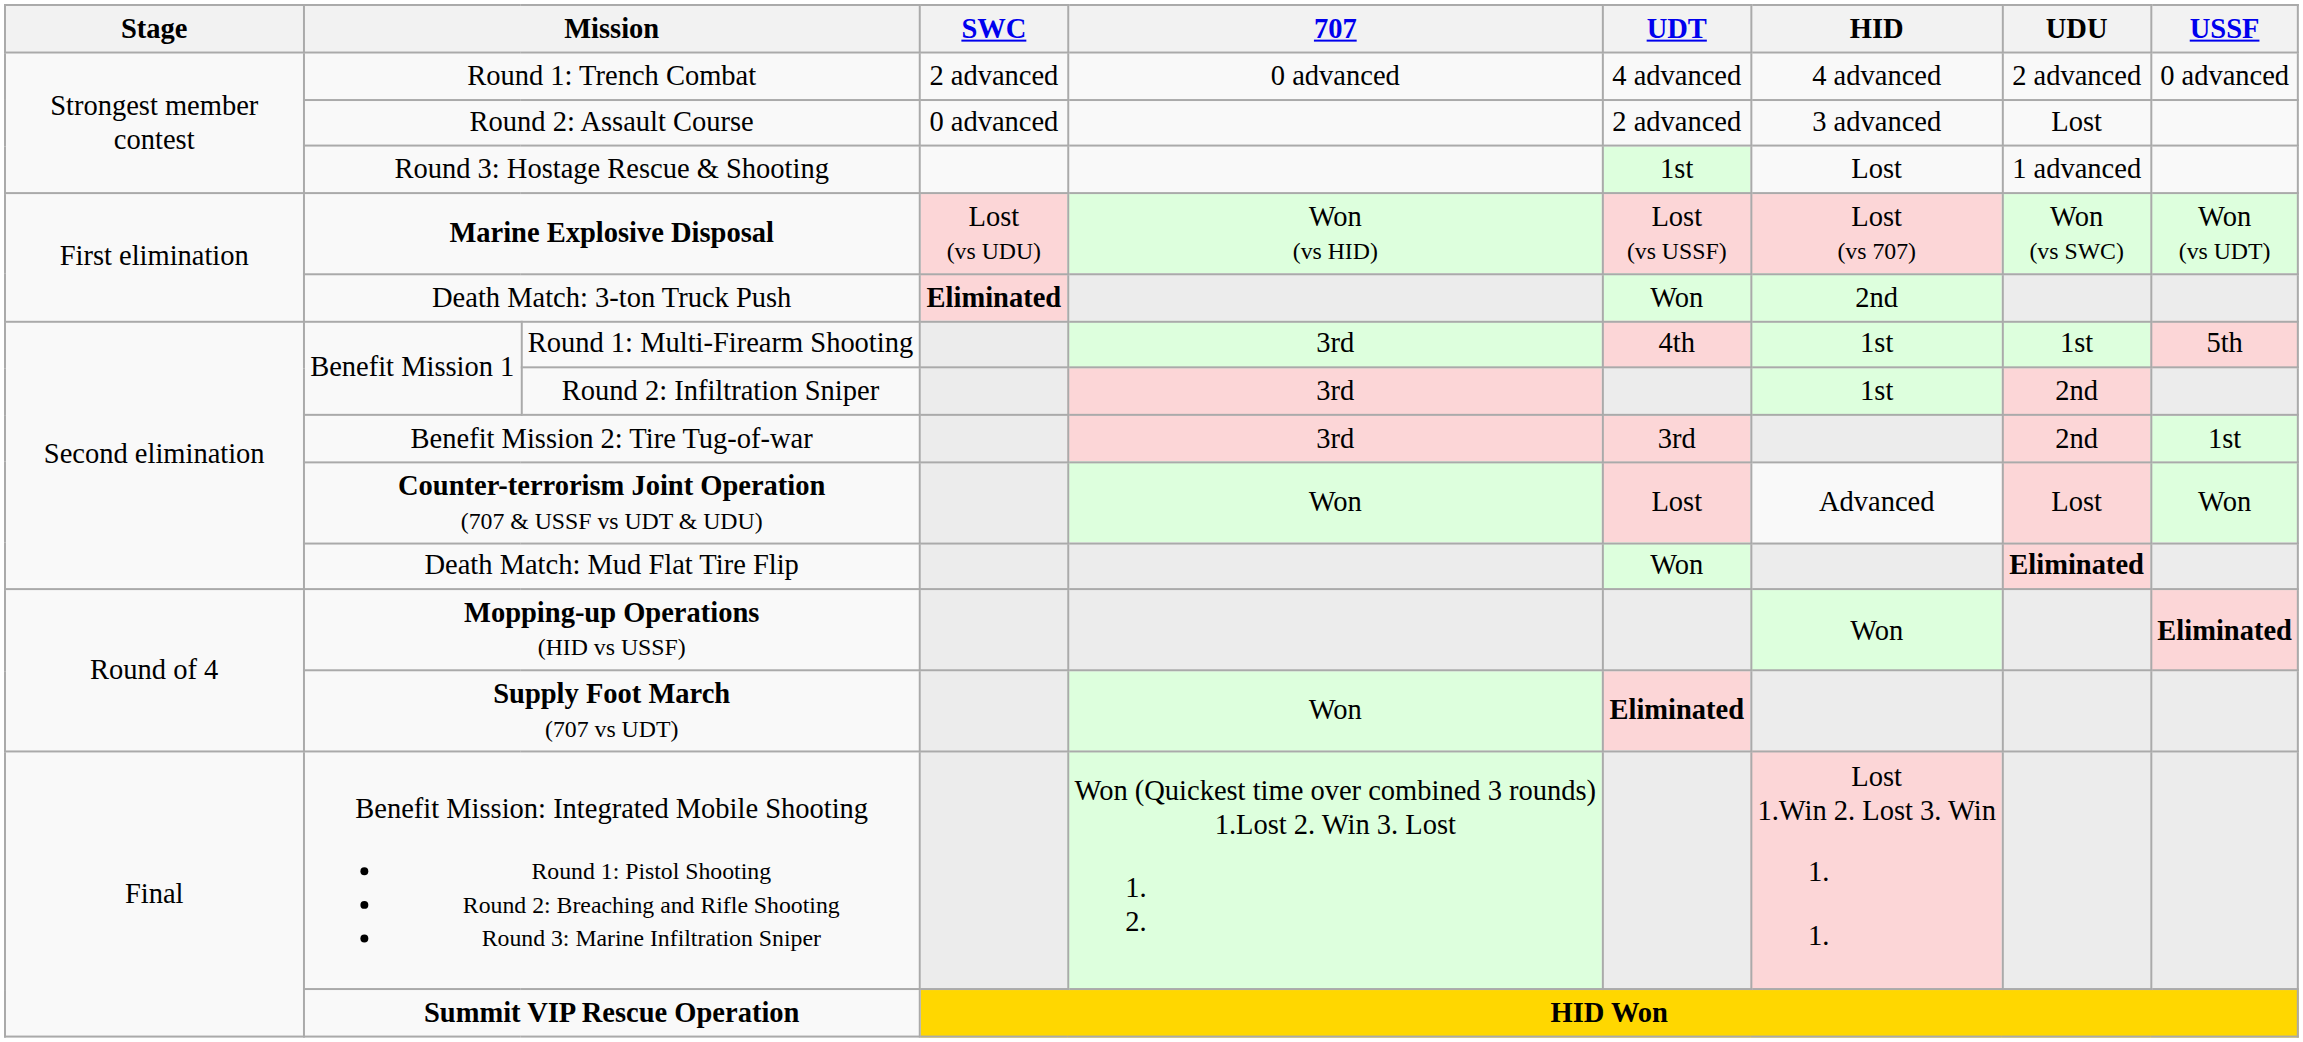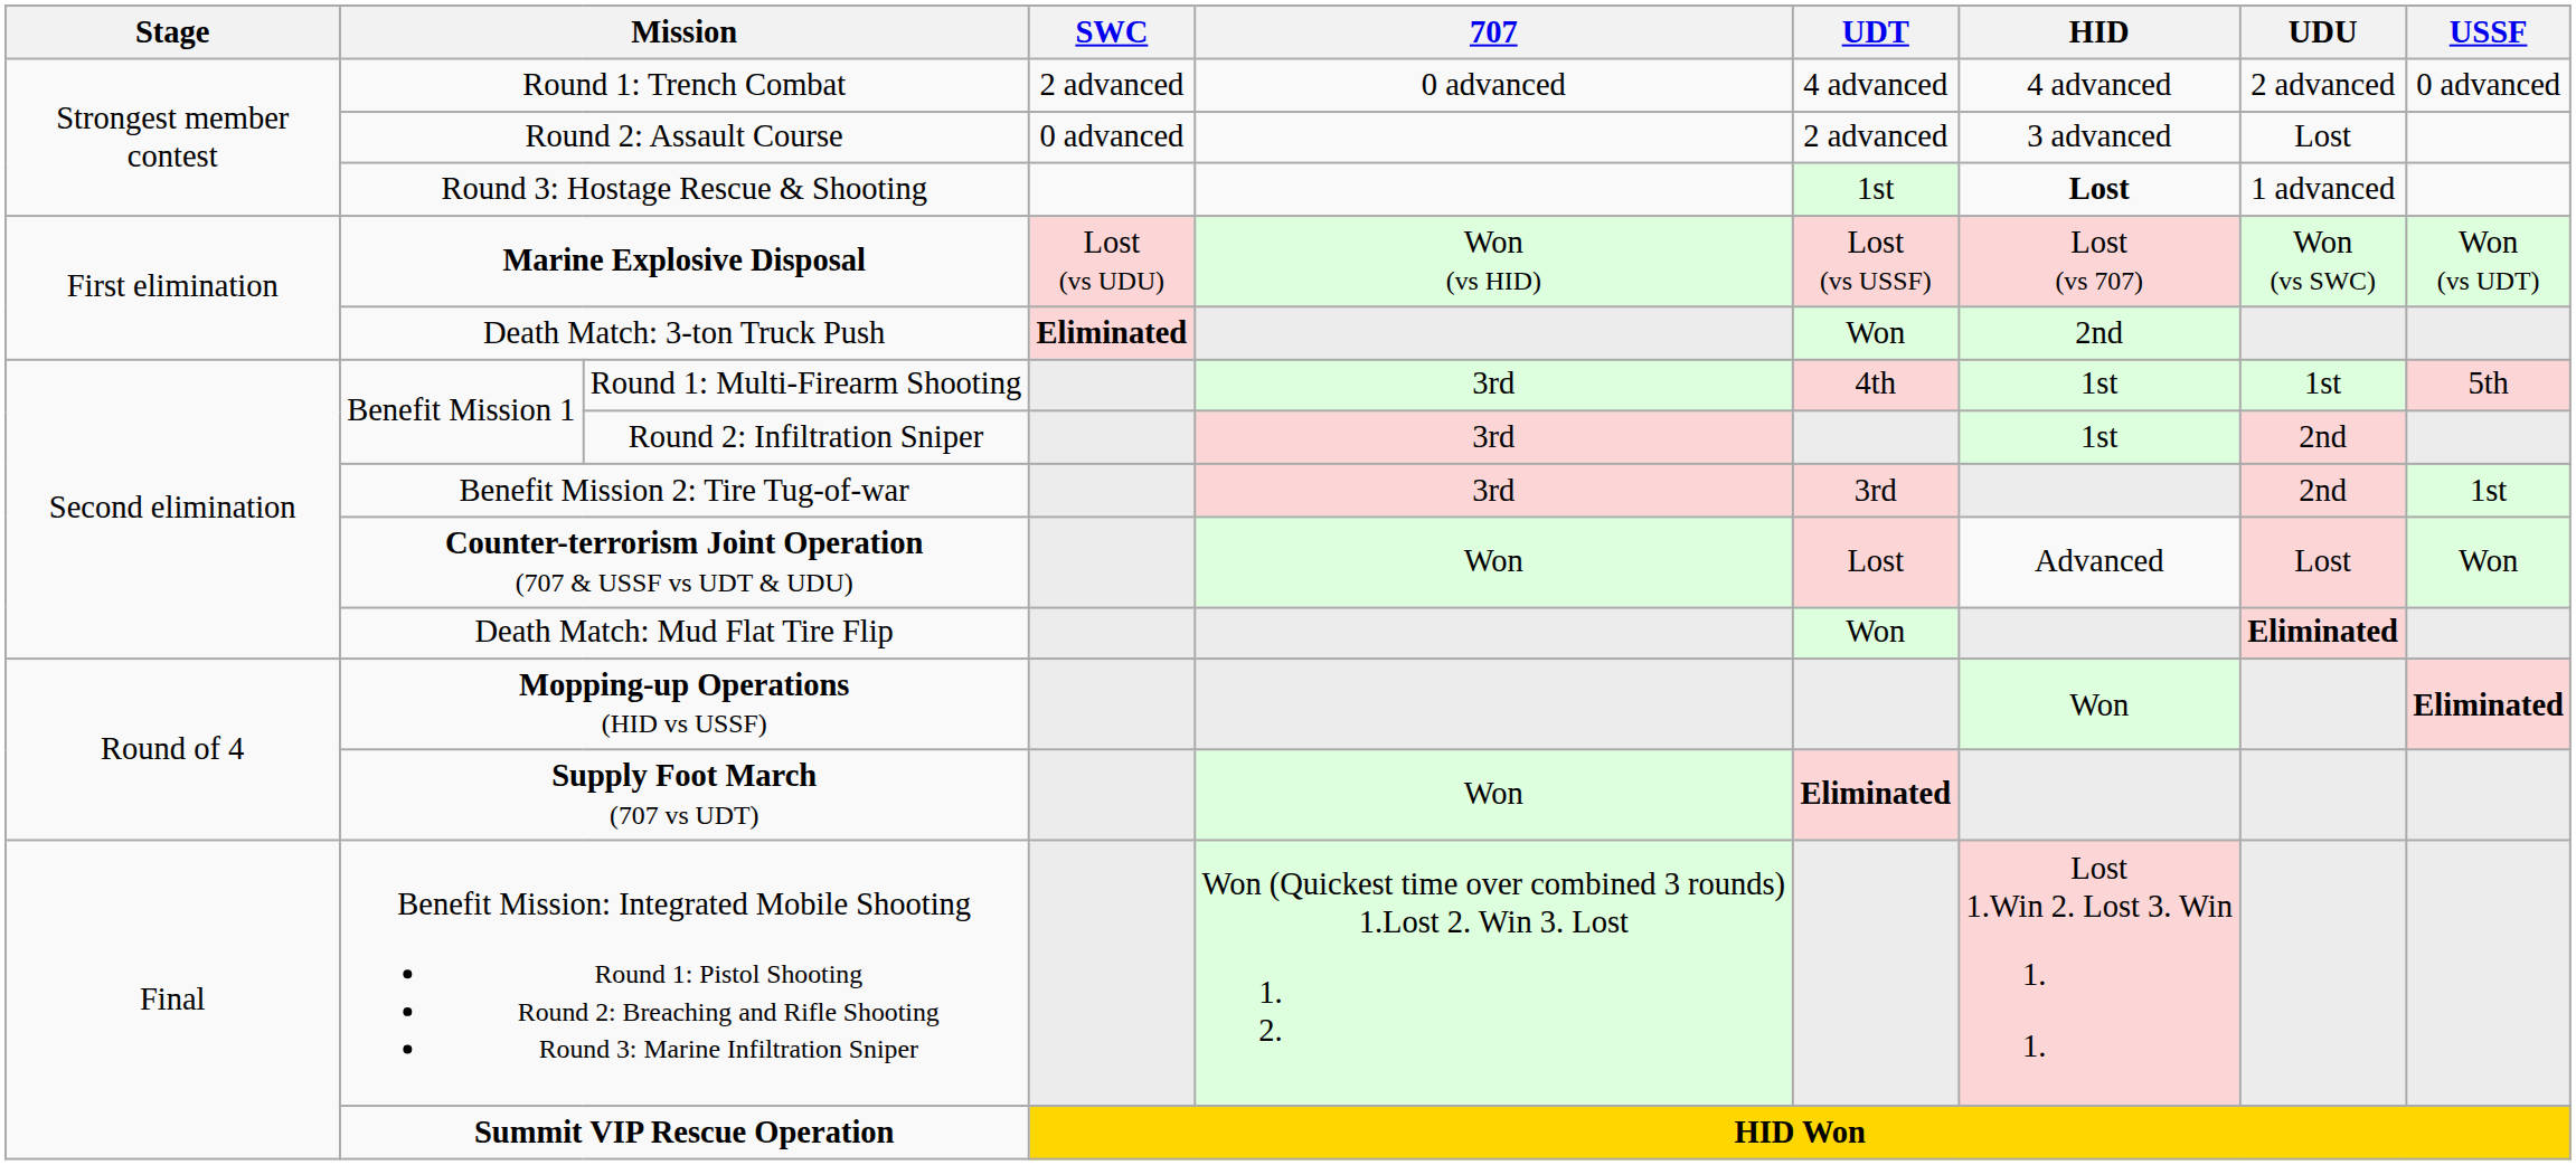 <table class="wikitable mw-collapsible mw-collapsed" style="font-size:90%; text-align:center;">
 <tr>
 <th>Stage</th>
 <th colspan="2">Mission</th>
 <th><a href='#'>SWC</a></th>
 <th><a href='#'>707</a></th>
 <th><a href='#'>UDT</a></th>
 <th>HID</th>
 <th>UDU</th>
 <th><a href='#'>USSF</a></th>
 </tr>
 <tr>
 <td rowspan="3" style="max-width:10em">Strongest member contest</td>
 <td colspan="2">Round 1: Trench Combat</td>
 <td>2 advanced</td>
 <td>0 advanced</td>
 <td>4 advanced</td>
 <td>4 advanced</td>
 <td>2 advanced</td>
 <td>0 advanced</td>
 </tr>
 <tr>
 <td colspan="2">Round 2: Assault Course</td>
 <td>0 advanced</td>
 <td></td>
 <td>2 advanced</td>
 <td>3 advanced</td>
 <td>Lost</td>
 <td></td>
 </tr>
 <tr>
 <td colspan="2">Round 3: Hostage Rescue & Shooting</td>
 <td></td>
 <td></td>
 <td bgcolor="#DFD">1st</td>
-<td>Lost</td>
+<td><strong>Lost</strong></td>
 <td>1 advanced</td>
 <td></td>
 </tr>
 <tr>
 <td rowspan="2">First elimination</td>
 <td colspan="2"><strong>Marine Explosive Disposal</strong></td>
 <td bgcolor="#FCD6D7">Lost<br><small>(vs UDU)</small></td>
 <td bgcolor="#DFD">Won<br><small>(vs HID)</small></td>
 <td bgcolor="#FCD6D7">Lost<br><small>(vs USSF)</small></td>
 <td bgcolor="#FCD6D7">Lost<br><small>(vs 707)</small></td>
 <td bgcolor="#DFD">Won<br><small>(vs SWC)</small></td>
 <td bgcolor="#DFD">Won<br><small>(vs UDT)</small></td>
 </tr>
 <tr>
 <td colspan="2">Death Match: 3-ton Truck Push</td>
 <td bgcolor="#FCD6D7"><strong>Eliminated</strong></td>
 <td bgcolor="#ECECEC"></td>
 <td bgcolor="#DFD">Won</td>
 <td bgcolor="#DFD">2nd</td>
 <td bgcolor="#ECECEC"></td>
 <td bgcolor="#ECECEC"></td>
 </tr>
 <tr>
 <td rowspan="5">Second elimination</td>
 <td rowspan="2">Benefit Mission 1</td>
 <td>Round 1: Multi-Firearm Shooting</td>
 <td bgcolor="#ECECEC"></td>
 <td bgcolor="#DFD">3rd</td>
 <td bgcolor="#FCD6D7">4th</td>
 <td bgcolor="#DFD">1st</td>
 <td bgcolor="#DFD">1st</td>
 <td bgcolor="#FCD6D7">5th</td>
 </tr>
 <tr>
 <td>Round 2: Infiltration Sniper</td>
 <td bgcolor="#ECECEC"></td>
 <td bgcolor="#FCD6D7">3rd</td>
 <td bgcolor="#ECECEC"></td>
 <td bgcolor="#DFD">1st</td>
 <td bgcolor="#FCD6D7">2nd</td>
 <td bgcolor="#ECECEC"></td>
 </tr>
 <tr>
 <td colspan="2">Benefit Mission 2: Tire Tug-of-war</td>
 <td bgcolor="#ECECEC"></td>
 <td bgcolor="#FCD6D7">3rd</td>
 <td bgcolor="#FCD6D7">3rd</td>
 <td bgcolor="#ECECEC"></td>
 <td bgcolor="#FCD6D7">2nd</td>
 <td bgcolor="#DFD">1st</td>
 </tr>
 <tr>
 <td colspan="2"><strong>Counter-terrorism Joint Operation</strong><br><small>(707 & USSF vs UDT & UDU)</small></td>
 <td bgcolor="#ECECEC"></td>
 <td bgcolor="#DFD">Won</td>
 <td bgcolor="#FCD6D7">Lost</td>
 <td>Advanced</td>
 <td bgcolor="#FCD6D7">Lost</td>
 <td bgcolor="#DFD">Won</td>
 </tr>
 <tr>
 <td colspan="2">Death Match: Mud Flat Tire Flip</td>
 <td bgcolor="#ECECEC"></td>
 <td bgcolor="#ECECEC"></td>
 <td bgcolor="#DFD">Won</td>
 <td bgcolor="#ECECEC"></td>
 <td bgcolor="#FCD6D7"><strong>Eliminated</strong></td>
 <td bgcolor="#ECECEC"></td>
 </tr>
 <tr>
 <td rowspan="2">Round of 4</td>
 <td colspan="2"><strong>Mopping-up Operations</strong><br><small>(HID vs USSF)</small></td>
 <td bgcolor="#ECECEC"></td>
 <td bgcolor="#ECECEC"></td>
 <td bgcolor="#ECECEC"></td>
 <td bgcolor="#DFD">Won</td>
 <td bgcolor="#ECECEC"></td>
 <td bgcolor="FCD6D7"><strong>Eliminated</strong></td>
 </tr>
 <tr>
 <td colspan="2"><strong>Supply Foot March</strong><br><small>(707 vs UDT)</small></td>
 <td bgcolor="#ECECEC"></td>
 <td bgcolor="#DFD">Won</td>
 <td bgcolor="FCD6D7"><strong>Eliminated</strong></td>
 <td bgcolor="#ECECEC"></td>
 <td bgcolor="#ECECEC"></td>
 <td bgcolor="#ECECEC"></td>
 </tr>
 <tr>
 <td rowspan="2">Final</td>
 <td colspan="2"><br>Benefit Mission: Integrated Mobile Shooting<ul><li><small>Round 1: Pistol Shooting</small></li><li><small>Round 2: Breaching and Rifle Shooting</small></li><li><small>Round 3: Marine Infiltration Sniper</small></li></ul></td>
 <td bgcolor="#ECECEC"></td>
 <td bgcolor="#DFD">Won (Quickest time over combined 3 rounds)<br>1.Lost  2. Win  3. Lost<ol><li></li><li></li></ol></td>
 <td bgcolor="#ECECEC"></td>
 <td bgcolor="#FCD6D7">Lost<br>1.Win 2. Lost  3. Win<ol><li></li></ol><ol><li></li></ol></td>
 <td bgcolor="#ECECEC"></td>
 <td bgcolor="#ECECEC"></td>
 </tr>
 <tr>
 <td colspan="2"><strong>Summit VIP Rescue Operation</strong></td>
 <td colspan="6" bgcolor="gold"><strong>HID Won</strong></td>
 </tr>
 </table>
